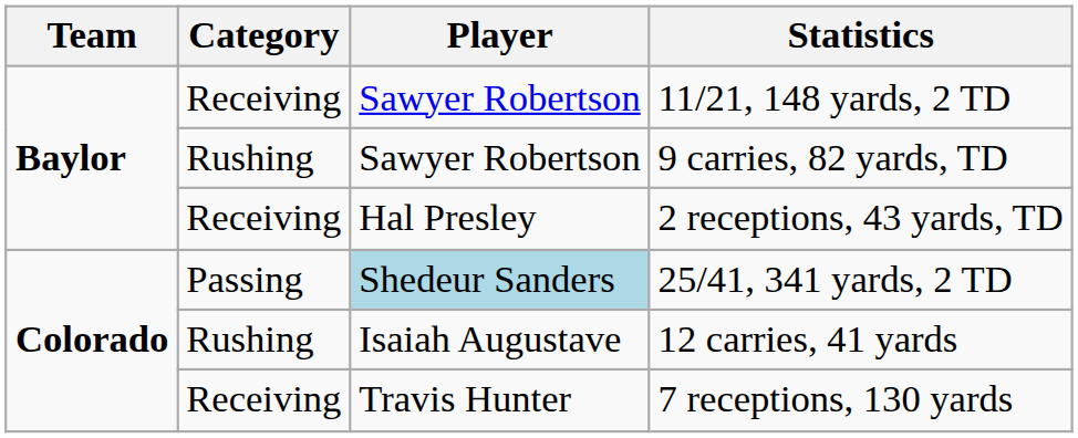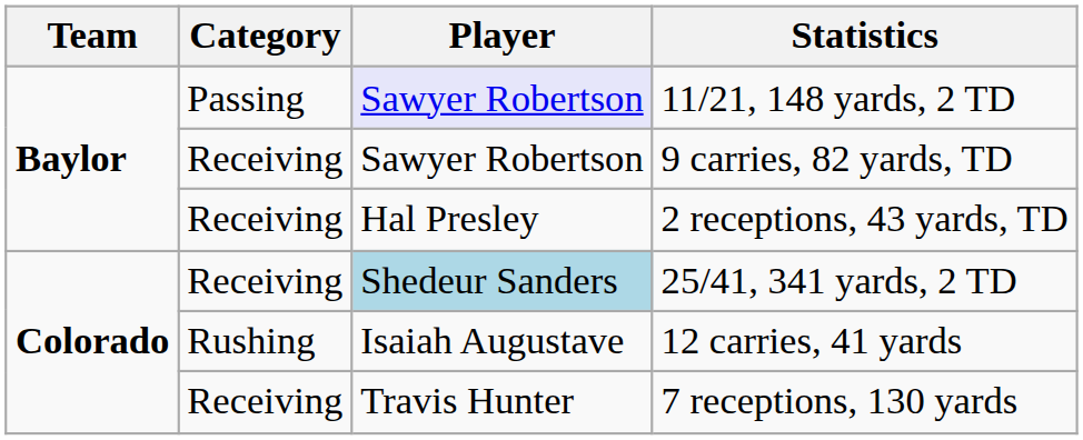 <table class="wikitable" style="float: right;">
 <tr>
 <th>Team</th>
 <th>Category</th>
 <th>Player</th>
 <th>Statistics</th>
 </tr>
 <tr>
 <td rowspan=3><strong>Baylor</strong></td>
-<td>Receiving</td>
-<td><a href='#'>Sawyer Robertson</a></td>
+<td>Passing</td>
+<td style="background: lavender;"><a href='#'>Sawyer Robertson</a></td>
 <td>11/21, 148 yards, 2 TD</td>
 </tr>
 <tr>
-<td>Rushing</td>
+<td>Receiving</td>
 <td>Sawyer Robertson</td>
 <td>9 carries, 82 yards, TD</td>
 </tr>
 <tr>
 <td>Receiving</td>
 <td>Hal Presley</td>
 <td>2 receptions, 43 yards, TD</td>
 </tr>
 <tr>
 <td rowspan=3><strong>Colorado</strong></td>
-<td>Passing</td>
+<td>Receiving</td>
 <td style="background: lightblue;">Shedeur Sanders</td>
 <td>25/41, 341 yards, 2 TD</td>
 </tr>
 <tr>
 <td>Rushing</td>
 <td>Isaiah Augustave</td>
 <td>12 carries, 41 yards</td>
 </tr>
 <tr>
 <td>Receiving</td>
 <td>Travis Hunter</td>
 <td>7 receptions, 130 yards</td>
 </tr>
 </table>
